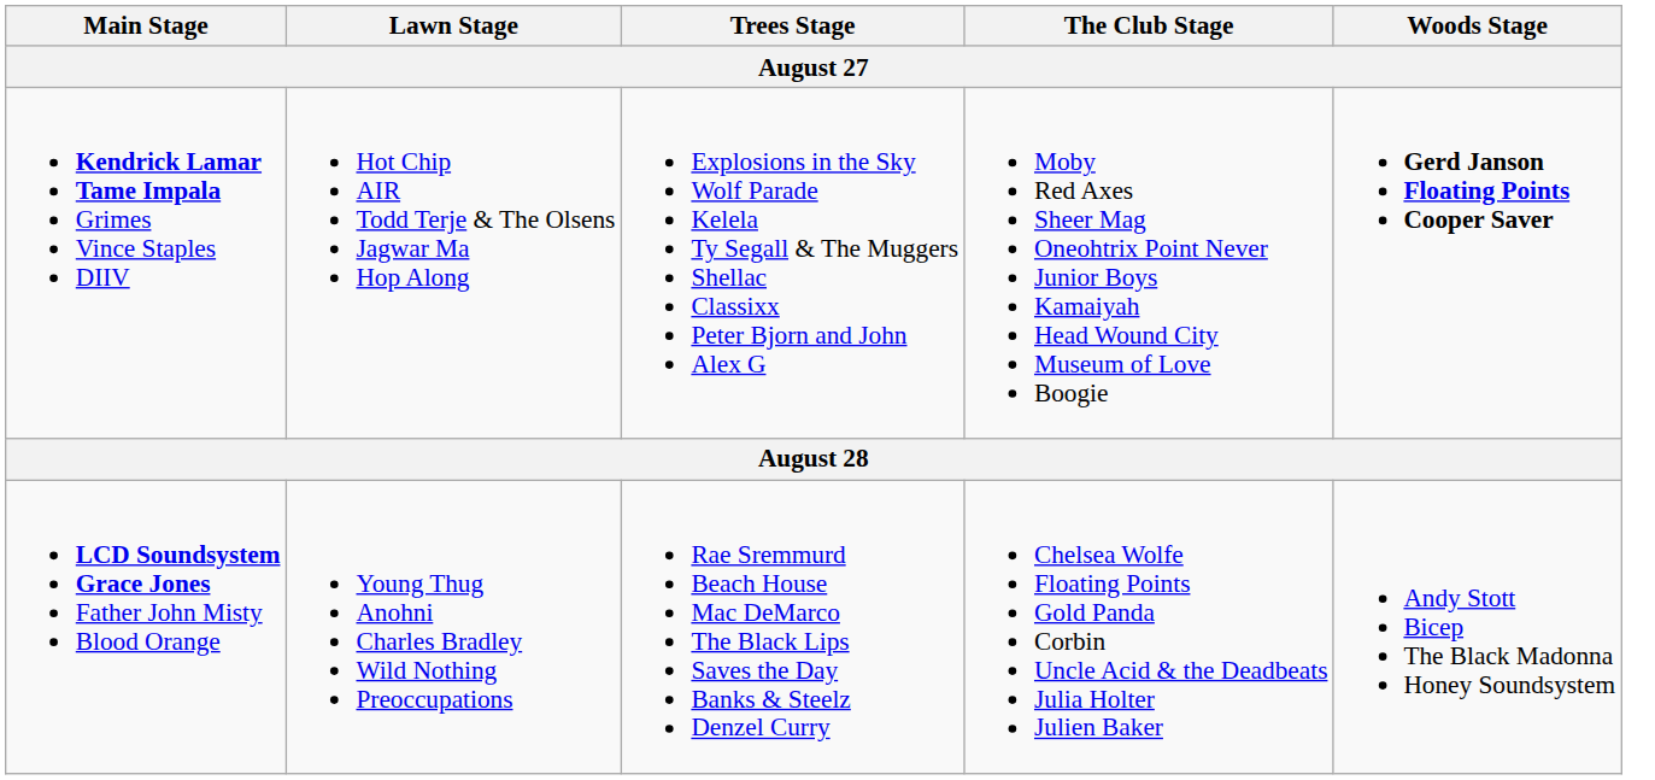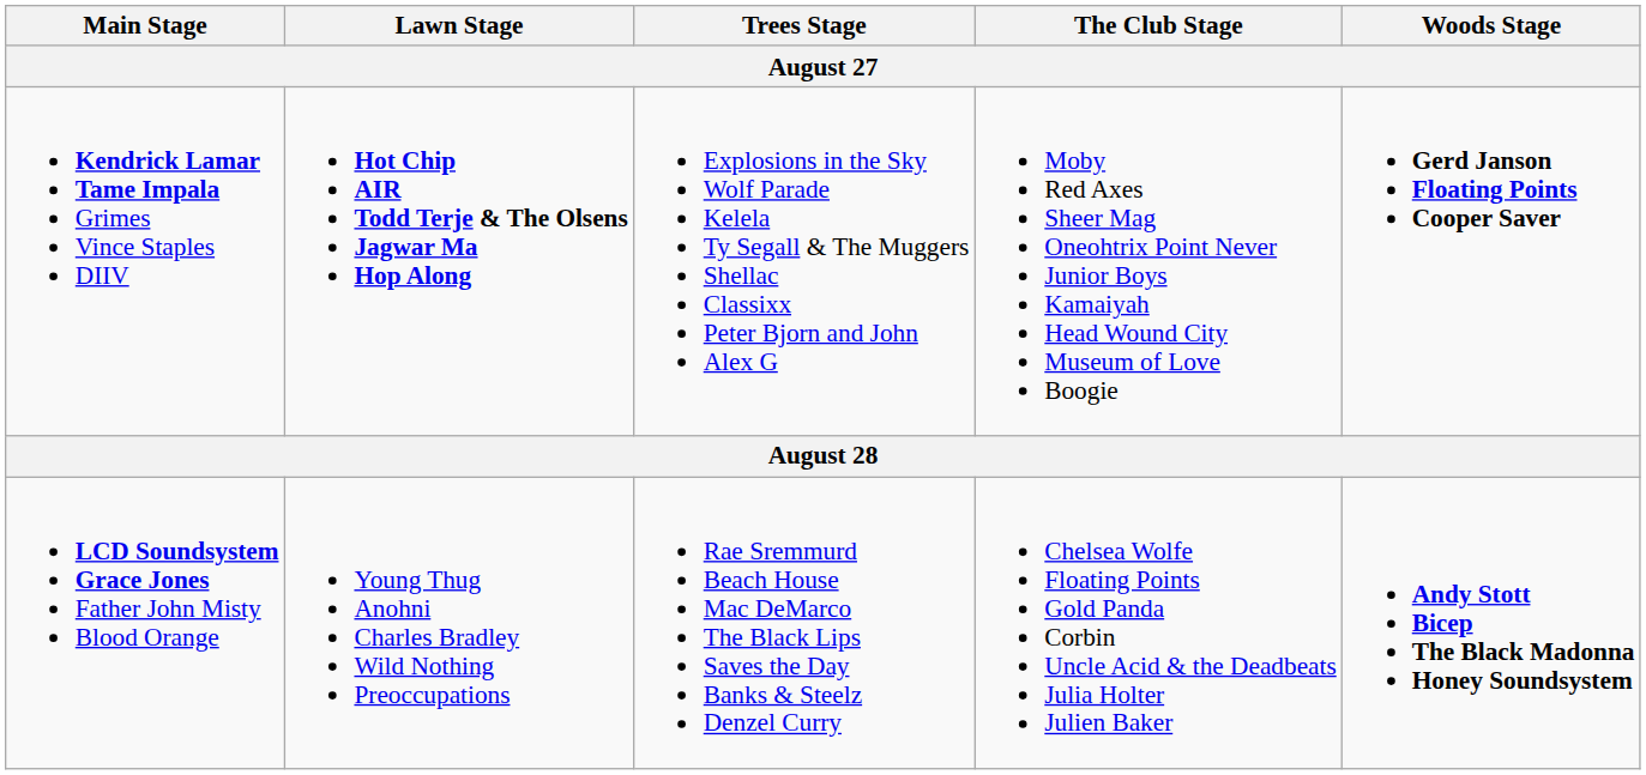 <table class="wikitable">
 <tr>
 <th>Main Stage</th>
 <th>Lawn Stage</th>
 <th>Trees Stage</th>
 <th>The Club Stage</th>
 <th>Woods Stage</th>
 </tr>
 <tr>
 <th colspan="5">August 27</th>
 </tr>
 <tr valign="top">
 <td><br><ul><li><strong><a href='#'>Kendrick Lamar</a></strong></li><li><strong><a href='#'>Tame Impala</a></strong></li><li><a href='#'>Grimes</a></li><li><a href='#'>Vince Staples</a></li><li><a href='#'>DIIV</a></li></ul></td>
-<td><br><ul><li><a href='#'>Hot Chip</a></li><li><a href='#'>AIR</a></li><li><a href='#'>Todd Terje</a> & The Olsens</li><li><a href='#'>Jagwar Ma</a></li><li><a href='#'>Hop Along</a></li></ul></td>
+<td><strong><br><ul><li><a href='#'>Hot Chip</a></li><li><a href='#'>AIR</a></li><li><a href='#'>Todd Terje</a> & The Olsens</li><li><a href='#'>Jagwar Ma</a></li><li><a href='#'>Hop Along</a></li></ul></strong></td>
 <td><br><ul><li><a href='#'>Explosions in the Sky</a></li><li><a href='#'>Wolf Parade</a></li><li><a href='#'>Kelela</a></li><li><a href='#'>Ty Segall</a> & The Muggers</li><li><a href='#'>Shellac</a></li><li><a href='#'>Classixx</a></li><li><a href='#'>Peter Bjorn and John</a></li><li><a href='#'>Alex G</a></li></ul></td>
 <td><br><ul><li><a href='#'>Moby</a></li><li>Red Axes</li><li><a href='#'>Sheer Mag</a></li><li><a href='#'>Oneohtrix Point Never</a></li><li><a href='#'>Junior Boys</a></li><li><a href='#'>Kamaiyah</a></li><li><a href='#'>Head Wound City</a></li><li><a href='#'>Museum of Love</a></li><li>Boogie</li></ul></td>
 <td><strong><br><ul><li>Gerd Janson</li><li><a href='#'>Floating Points</a> </li><li>Cooper Saver</li></ul></strong></td>
 </tr>
 <tr>
 <th colspan="5">August 28</th>
 </tr>
 <tr>
 <td valign="top"><br><ul><li><strong><a href='#'>LCD Soundsystem</a></strong></li><li><strong><a href='#'>Grace Jones</a></strong></li><li><a href='#'>Father John Misty</a></li><li><a href='#'>Blood Orange</a></li></ul></td>
 <td><br><ul><li><a href='#'>Young Thug</a></li><li><a href='#'>Anohni</a></li><li><a href='#'>Charles Bradley</a></li><li><a href='#'>Wild Nothing</a></li><li><a href='#'>Preoccupations</a></li></ul></td>
 <td><br><ul><li><a href='#'>Rae Sremmurd</a></li><li><a href='#'>Beach House</a></li><li><a href='#'>Mac DeMarco</a></li><li><a href='#'>The Black Lips</a></li><li><a href='#'>Saves the Day</a></li><li><a href='#'>Banks & Steelz</a></li><li><a href='#'>Denzel Curry</a></li></ul></td>
 <td><br><ul><li><a href='#'>Chelsea Wolfe</a></li><li><a href='#'>Floating Points</a> </li><li><a href='#'>Gold Panda</a></li><li>Corbin</li><li><a href='#'>Uncle Acid & the Deadbeats</a></li><li><a href='#'>Julia Holter</a></li><li><a href='#'>Julien Baker</a></li></ul></td>
-<td><br><ul><li><a href='#'>Andy Stott</a></li><li><a href='#'>Bicep</a></li><li>The Black Madonna</li><li>Honey Soundsystem</li></ul></td>
+<td><strong><br><ul><li><a href='#'>Andy Stott</a></li><li><a href='#'>Bicep</a></li><li>The Black Madonna</li><li>Honey Soundsystem</li></ul></strong></td>
 </tr>
 </table>
